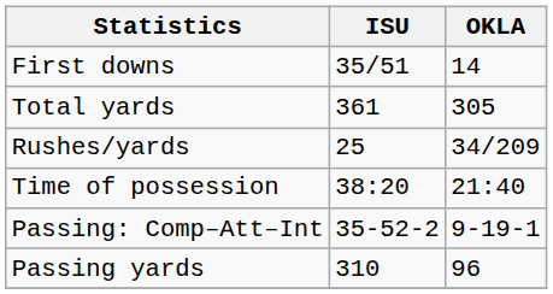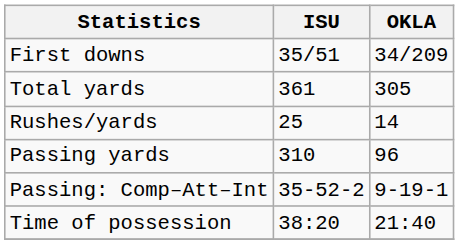 <table class="wikitable" style="float: left;">
 <tr>
 <th>Statistics</th>
 <th>ISU</th>
 <th>OKLA</th>
 </tr>
 <tr>
 <td>First downs</td>
 <td>35/51</td>
-<td>14</td>
+<td>34/209</td>
 </tr>
 <tr>
 <td>Total yards</td>
 <td>361</td>
 <td>305</td>
 </tr>
 <tr>
 <td>Rushes/yards</td>
 <td>25</td>
-<td>34/209</td>
+<td>14</td>
+</tr>
+<tr>
+<td>Passing yards</td>
+<td>310</td>
+<td>96</td>
+</tr>
+<tr>
+<td>Passing: Comp–Att–Int</td>
+<td>35-52-2</td>
+<td>9-19-1</td>
 </tr>
 <tr>
 <td>Time of possession</td>
 <td>38:20</td>
 <td>21:40</td>
 </tr>
 <tr>
-<td>Passing: Comp–Att–Int</td>
-<td>35-52-2</td>
-<td>9-19-1</td>
-</tr>
-<tr>
-<td>Passing yards</td>
-<td>310</td>
-<td>96</td>
-</tr>
-<tr>
 </tr>
 </table>
